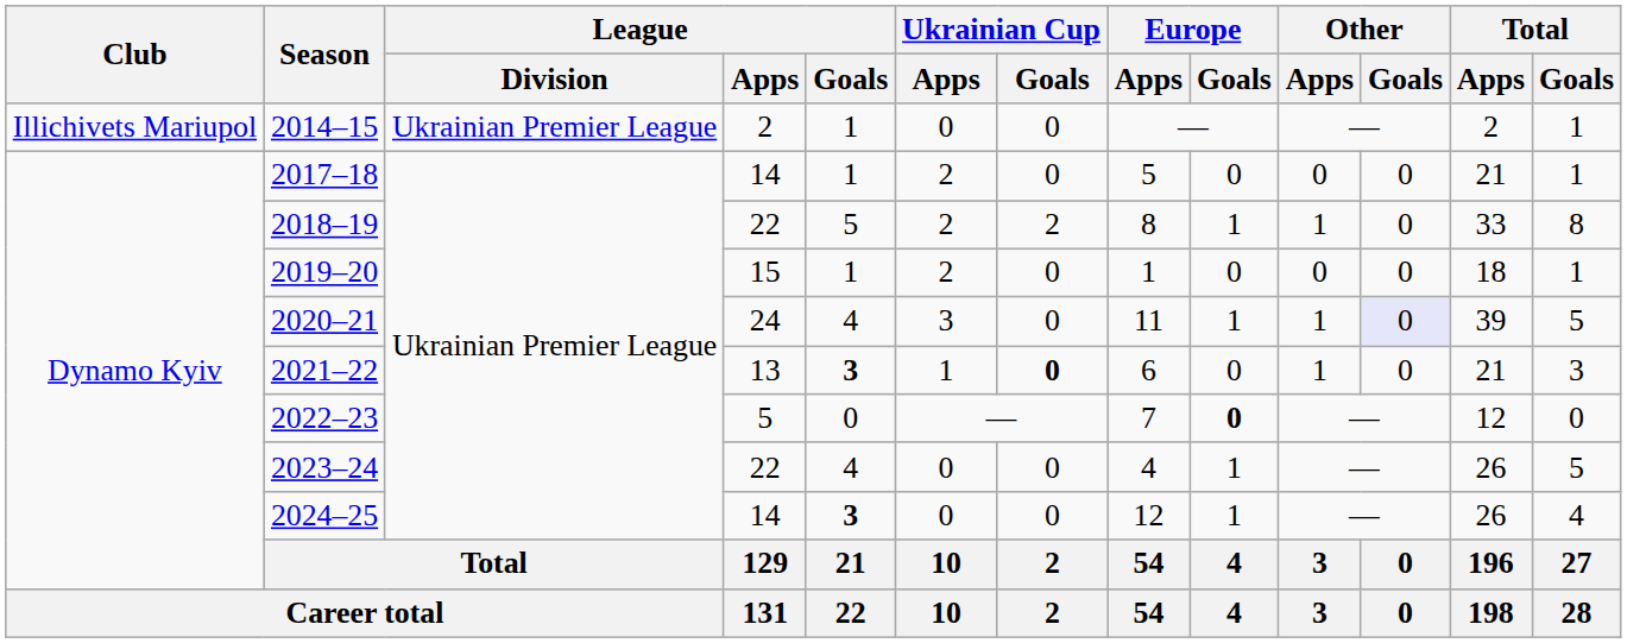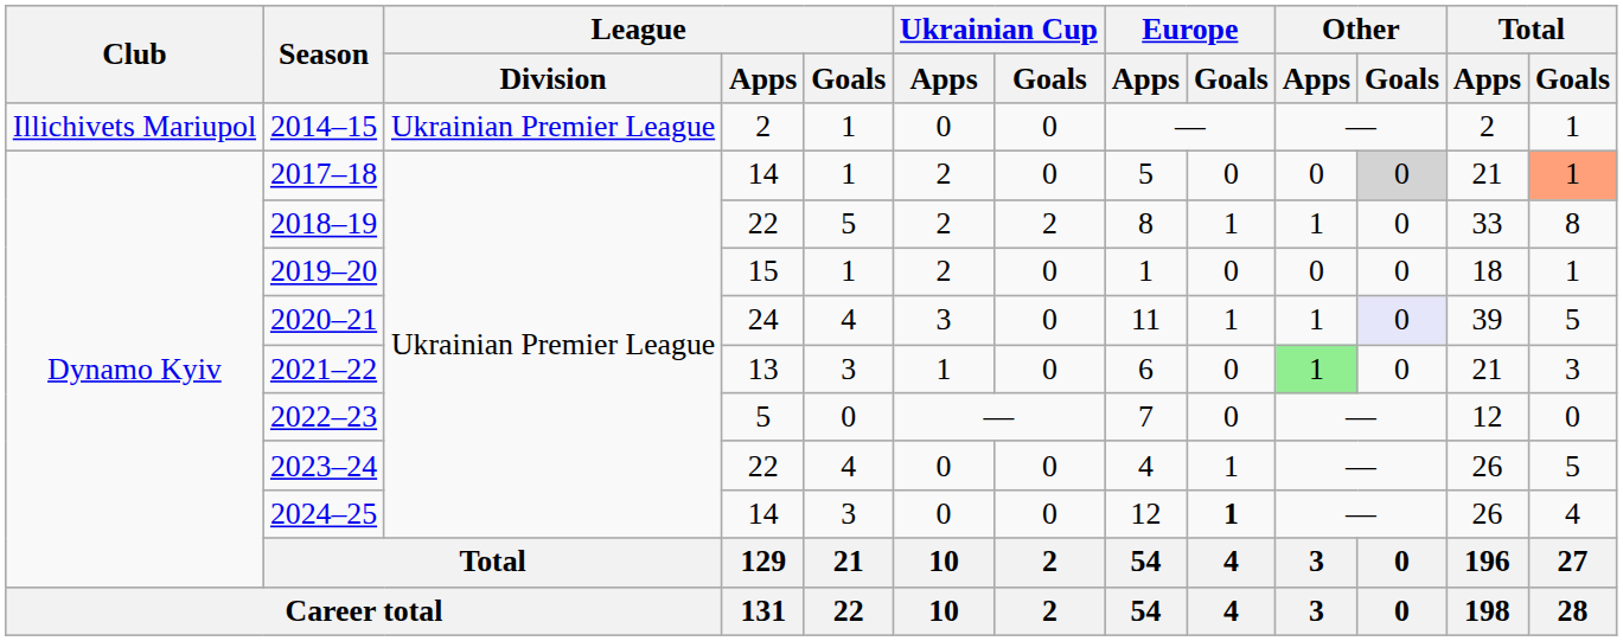 <table class="wikitable" style="text-align:center">
 <tr>
 <th rowspan="2">Club</th>
 <th rowspan="2">Season</th>
 <th colspan="3">League</th>
 <th colspan="2"><a href='#'>Ukrainian Cup</a></th>
 <th colspan="2"><a href='#'>Europe</a></th>
 <th colspan="2">Other</th>
 <th colspan="2">Total</th>
 </tr>
 <tr>
 <th>Division</th>
 <th>Apps</th>
 <th>Goals</th>
 <th>Apps</th>
 <th>Goals</th>
 <th>Apps</th>
 <th>Goals</th>
 <th>Apps</th>
 <th>Goals</th>
 <th>Apps</th>
 <th>Goals</th>
 </tr>
 <tr>
 <td><a href='#'>Illichivets Mariupol</a></td>
 <td><a href='#'>2014–15</a></td>
 <td><a href='#'>Ukrainian Premier League</a></td>
 <td>2</td>
 <td>1</td>
 <td>0</td>
 <td>0</td>
 <td colspan="2">—</td>
 <td colspan="2">—</td>
 <td>2</td>
 <td>1</td>
 </tr>
 <tr>
 <td rowspan="9"><a href='#'>Dynamo Kyiv</a></td>
 <td><a href='#'>2017–18</a></td>
 <td rowspan="8">Ukrainian Premier League</td>
 <td>14</td>
 <td>1</td>
 <td>2</td>
 <td>0</td>
 <td>5</td>
 <td>0</td>
 <td>0</td>
-<td>0</td>
+<td style="background: lightgrey;">0</td>
 <td>21</td>
-<td>1</td>
+<td style="background: lightsalmon;">1</td>
 </tr>
 <tr>
 <td><a href='#'>2018–19</a></td>
 <td>22</td>
 <td>5</td>
 <td>2</td>
 <td>2</td>
 <td>8</td>
 <td>1</td>
 <td>1</td>
 <td>0</td>
 <td>33</td>
 <td>8</td>
 </tr>
 <tr>
 <td><a href='#'>2019–20</a></td>
 <td>15</td>
 <td>1</td>
 <td>2</td>
 <td>0</td>
 <td>1</td>
 <td>0</td>
 <td>0</td>
 <td>0</td>
 <td>18</td>
 <td>1</td>
 </tr>
 <tr>
 <td><a href='#'>2020–21</a></td>
 <td>24</td>
 <td>4</td>
 <td>3</td>
 <td>0</td>
 <td>11</td>
 <td>1</td>
 <td>1</td>
 <td style="background: lavender;">0</td>
 <td>39</td>
 <td>5</td>
 </tr>
 <tr>
 <td><a href='#'>2021–22</a></td>
 <td>13</td>
-<td><strong>3</strong></td>
+<td>3</td>
 <td>1</td>
-<td><strong>0</strong></td>
+<td>0</td>
 <td>6</td>
 <td>0</td>
-<td>1</td>
+<td style="background: lightgreen;">1</td>
 <td>0</td>
 <td>21</td>
 <td>3</td>
 </tr>
 <tr>
 <td><a href='#'>2022–23</a></td>
 <td>5</td>
 <td>0</td>
 <td colspan="2">—</td>
 <td>7</td>
-<td><strong>0</strong></td>
+<td>0</td>
 <td colspan="2">—</td>
 <td>12</td>
 <td>0</td>
 </tr>
 <tr>
 <td><a href='#'>2023–24</a></td>
 <td>22</td>
 <td>4</td>
 <td>0</td>
 <td>0</td>
 <td>4</td>
 <td>1</td>
 <td colspan="2">—</td>
 <td>26</td>
 <td>5</td>
 </tr>
 <tr>
 <td><a href='#'>2024–25</a></td>
 <td>14</td>
-<td><strong>3</strong></td>
+<td>3</td>
 <td>0</td>
 <td>0</td>
 <td>12</td>
-<td>1</td>
+<td><strong>1</strong></td>
 <td colspan="2">—</td>
 <td>26</td>
 <td>4</td>
 </tr>
 <tr>
 <th colspan="2">Total</th>
 <th>129</th>
 <th>21</th>
 <th>10</th>
 <th>2</th>
 <th>54</th>
 <th>4</th>
 <th>3</th>
 <th>0</th>
 <th>196</th>
 <th>27</th>
 </tr>
 <tr>
 <th colspan="3">Career total</th>
 <th>131</th>
 <th>22</th>
 <th>10</th>
 <th>2</th>
 <th>54</th>
 <th>4</th>
 <th>3</th>
 <th>0</th>
 <th>198</th>
 <th>28</th>
 </tr>
 </table>
